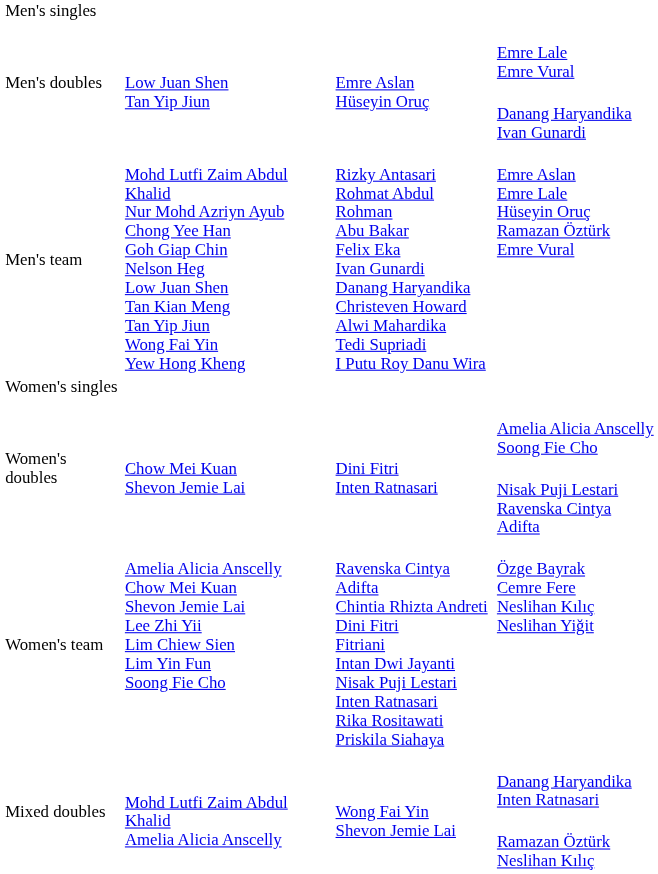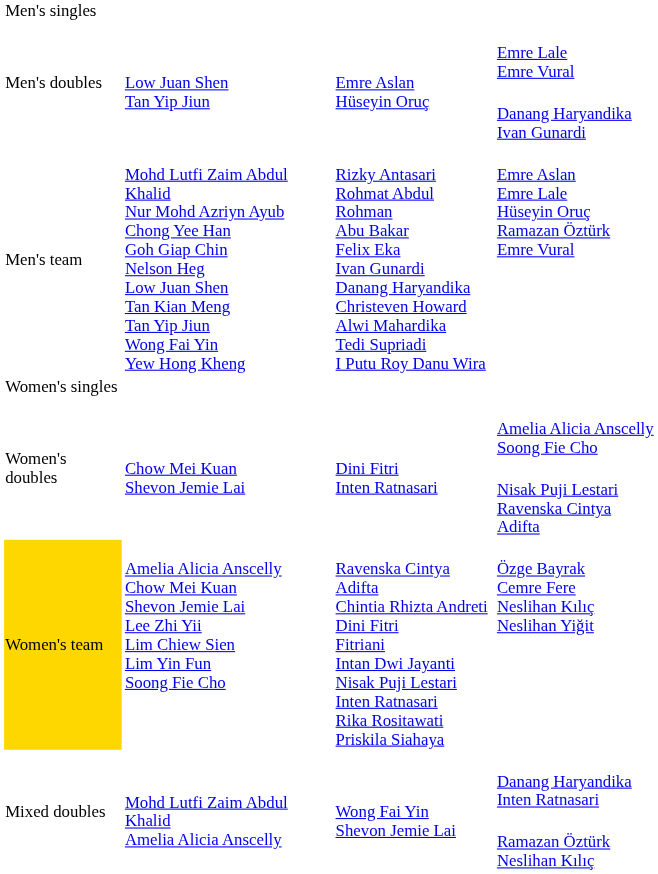 <table>
 <tr>
 <td rowspan=2>Men's singles</td>
 <td rowspan=2></td>
 <td rowspan=2></td>
 <td></td>
 </tr>
 <tr>
 <td></td>
 </tr>
 <tr>
 <td rowspan=2>Men's doubles</td>
 <td rowspan=2><br><a href='#'>Low Juan Shen</a><br><a href='#'>Tan Yip Jiun</a></td>
 <td rowspan=2><br><a href='#'>Emre Aslan</a><br><a href='#'>Hüseyin Oruç</a></td>
 <td><br><a href='#'>Emre Lale</a><br><a href='#'>Emre Vural</a></td>
 </tr>
 <tr>
 <td><br><a href='#'>Danang Haryandika</a><br><a href='#'>Ivan Gunardi</a></td>
 </tr>
 <tr>
 <td>Men's team</td>
 <td><br><a href='#'>Mohd Lutfi Zaim Abdul Khalid</a><br><a href='#'>Nur Mohd Azriyn Ayub</a><br><a href='#'>Chong Yee Han</a><br><a href='#'>Goh Giap Chin</a><br><a href='#'>Nelson Heg</a><br><a href='#'>Low Juan Shen</a><br><a href='#'>Tan Kian Meng</a><br><a href='#'>Tan Yip Jiun</a><br><a href='#'>Wong Fai Yin</a><br><a href='#'>Yew Hong Kheng</a></td>
 <td><br><a href='#'>Rizky Antasari</a><br><a href='#'>Rohmat Abdul Rohman</a><br><a href='#'>Abu Bakar</a><br><a href='#'>Felix Eka</a><br><a href='#'>Ivan Gunardi</a><br><a href='#'>Danang Haryandika</a><br><a href='#'>Christeven Howard</a><br><a href='#'>Alwi Mahardika</a><br><a href='#'>Tedi Supriadi</a><br><a href='#'>I Putu Roy Danu Wira</a></td>
 <td valign=top><br><a href='#'>Emre Aslan</a><br><a href='#'>Emre Lale</a><br><a href='#'>Hüseyin Oruç</a><br><a href='#'>Ramazan Öztürk</a><br><a href='#'>Emre Vural</a></td>
 </tr>
 <tr>
 <td rowspan=2>Women's singles</td>
 <td rowspan=2></td>
 <td rowspan=2></td>
 <td></td>
 </tr>
 <tr>
 <td></td>
 </tr>
 <tr>
 <td rowspan=2>Women's doubles</td>
 <td rowspan=2><br><a href='#'>Chow Mei Kuan</a><br><a href='#'>Shevon Jemie Lai</a></td>
 <td rowspan=2><br><a href='#'>Dini Fitri</a><br><a href='#'>Inten Ratnasari</a></td>
 <td><br><a href='#'>Amelia Alicia Anscelly</a><br><a href='#'>Soong Fie Cho</a></td>
 </tr>
 <tr>
 <td><br><a href='#'>Nisak Puji Lestari</a><br><a href='#'>Ravenska Cintya Adifta</a></td>
 </tr>
 <tr>
-<td>Women's team</td>
+<td style="background: gold;">Women's team</td>
 <td valign=top><br><a href='#'>Amelia Alicia Anscelly</a><br><a href='#'>Chow Mei Kuan</a><br><a href='#'>Shevon Jemie Lai</a><br><a href='#'>Lee Zhi Yii</a><br><a href='#'>Lim Chiew Sien</a><br><a href='#'>Lim Yin Fun</a><br><a href='#'>Soong Fie Cho</a></td>
 <td><br><a href='#'>Ravenska Cintya Adifta</a><br><a href='#'>Chintia Rhizta Andreti</a><br><a href='#'>Dini Fitri</a><br><a href='#'>Fitriani</a><br><a href='#'>Intan Dwi Jayanti</a><br><a href='#'>Nisak Puji Lestari</a><br><a href='#'>Inten Ratnasari</a><br><a href='#'>Rika Rositawati</a><br><a href='#'>Priskila Siahaya</a></td>
 <td valign=top><br><a href='#'>Özge Bayrak</a><br><a href='#'>Cemre Fere</a><br><a href='#'>Neslihan Kılıç</a><br><a href='#'>Neslihan Yiğit</a></td>
 </tr>
 <tr>
 <td rowspan=2>Mixed doubles</td>
 <td rowspan=2><br><a href='#'>Mohd Lutfi Zaim Abdul Khalid</a><br><a href='#'>Amelia Alicia Anscelly</a></td>
 <td rowspan=2><br><a href='#'>Wong Fai Yin</a><br><a href='#'>Shevon Jemie Lai</a></td>
 <td><br><a href='#'>Danang Haryandika</a><br><a href='#'>Inten Ratnasari</a></td>
 </tr>
 <tr>
 <td><br><a href='#'>Ramazan Öztürk</a><br><a href='#'>Neslihan Kılıç</a></td>
 </tr>
 </table>
